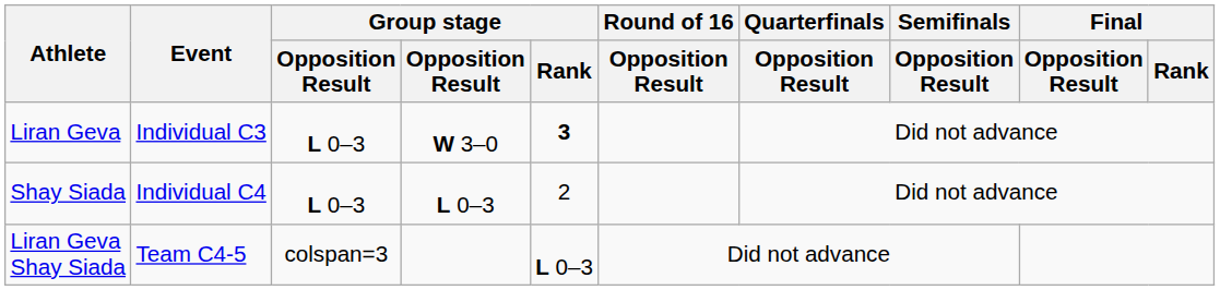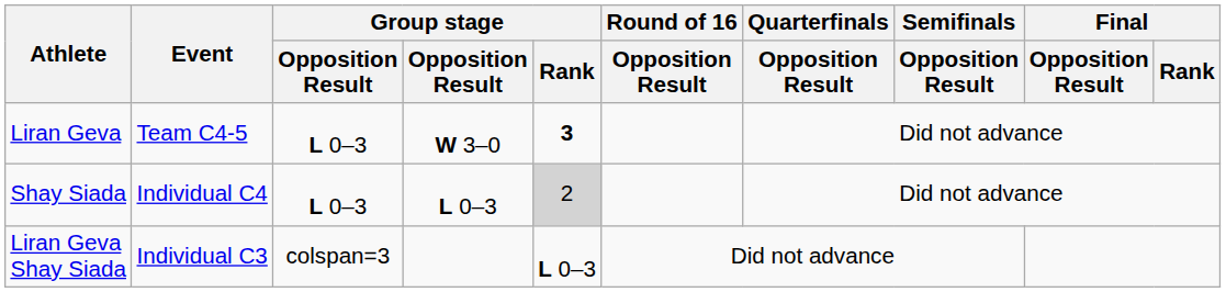 <table class=wikitable>
 <tr>
 <th rowspan="2">Athlete</th>
 <th rowspan="2">Event</th>
 <th colspan="3">Group stage</th>
 <th>Round of 16</th>
 <th>Quarterfinals</th>
 <th>Semifinals</th>
 <th colspan="2">Final</th>
 </tr>
 <tr>
 <th>Opposition<br>Result</th>
 <th>Opposition<br>Result</th>
 <th>Rank</th>
 <th>Opposition<br>Result</th>
 <th>Opposition<br>Result</th>
 <th>Opposition<br>Result</th>
 <th>Opposition<br>Result</th>
 <th>Rank</th>
 </tr>
 <tr align=center>
 <td align=left><a href='#'>Liran Geva</a></td>
-<td align=left><a href='#'>Individual C3</a></td>
+<td align=left><a href='#'>Team C4-5</a></td>
 <td><br> <strong>L</strong> 0–3</td>
 <td><br> <strong>W</strong> 3–0</td>
 <td><strong>3</strong></td>
 <td></td>
 <td colspan=4>Did not advance</td>
 </tr>
 <tr align=center>
 <td align=left><a href='#'>Shay Siada</a></td>
 <td align=left><a href='#'>Individual C4</a></td>
 <td><br> <strong>L</strong> 0–3</td>
 <td><br> <strong>L</strong> 0–3</td>
-<td>2</td>
+<td style="background: lightgrey;">2</td>
 <td></td>
 <td colspan=4>Did not advance</td>
 </tr>
 <tr align=center>
 <td align=left><a href='#'>Liran Geva</a><br><a href='#'>Shay Siada</a></td>
-<td align=left><a href='#'>Team C4-5</a></td>
+<td align=left><a href='#'>Individual C3</a></td>
 <td>colspan=3 </td>
 <td></td>
 <td> <br> <strong>L</strong> 0–3</td>
 <td colspan=3>Did not advance</td>
 </tr>
 </table>
